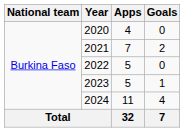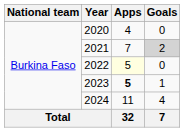 <table class="wikitable" style="text-align:center">
 <tr>
 <th>National team</th>
 <th>Year</th>
 <th>Apps</th>
 <th>Goals</th>
 </tr>
 <tr>
 <td rowspan="5"><a href='#'>Burkina Faso</a></td>
 <td>2020</td>
 <td>4</td>
 <td>0</td>
 </tr>
 <tr>
 <td>2021</td>
 <td>7</td>
-<td>2</td>
+<td style="background: lightgrey;">2</td>
 </tr>
 <tr>
 <td>2022</td>
-<td>5</td>
+<td style="background: lightyellow;">5</td>
 <td>0</td>
 </tr>
 <tr>
 <td>2023</td>
-<td>5</td>
+<td><strong>5</strong></td>
 <td>1</td>
 </tr>
 <tr>
 <td>2024</td>
 <td>11</td>
 <td>4</td>
 </tr>
 <tr>
 <th colspan="2">Total</th>
 <th>32</th>
 <th>7</th>
 </tr>
 </table>
